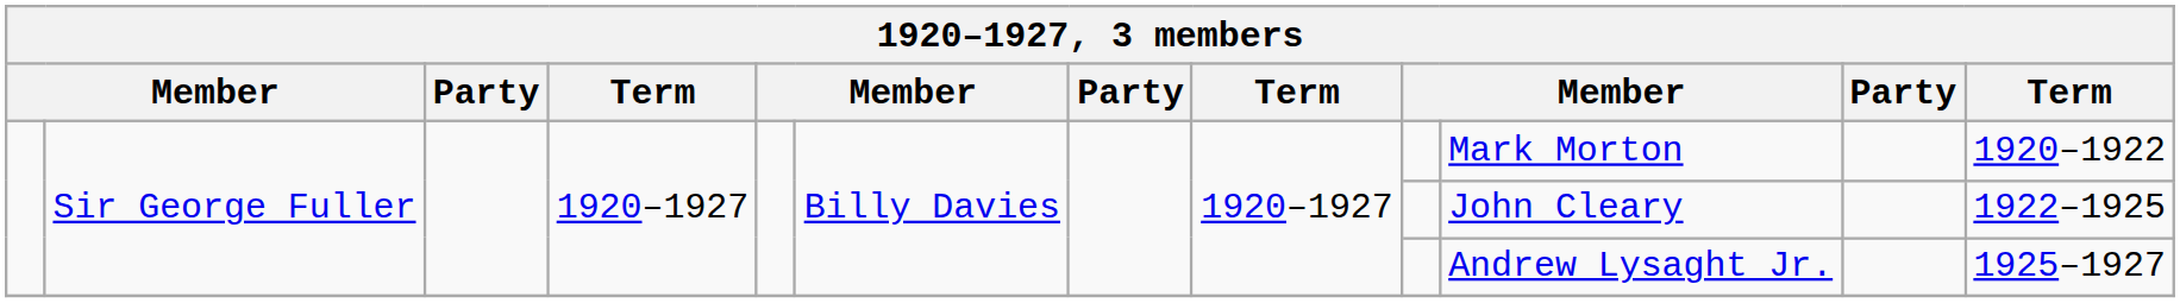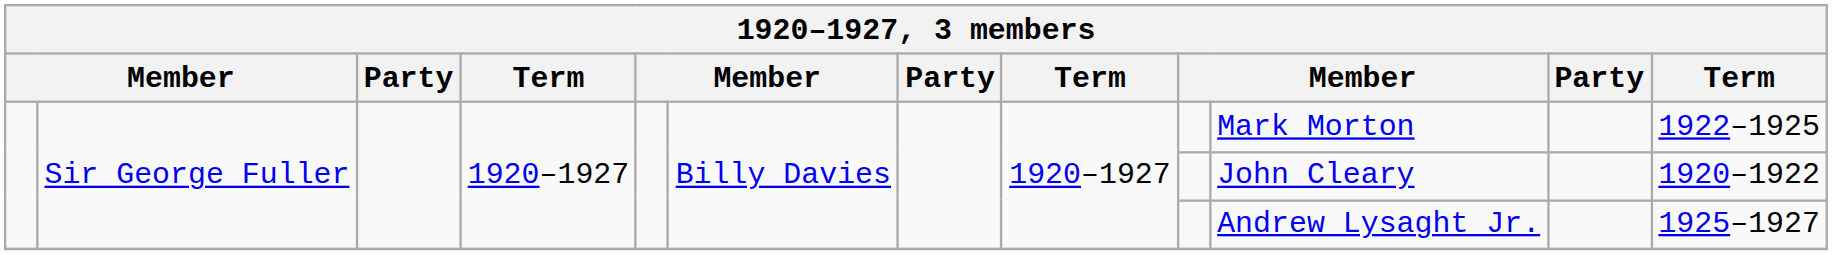 <table class="wikitable">
 <tr>
 <th colspan="12">1920–1927, 3 members</th>
 </tr>
 <tr>
 <th colspan="2">Member</th>
 <th>Party</th>
 <th>Term</th>
 <th colspan="2">Member</th>
 <th>Party</th>
 <th>Term</th>
 <th colspan="2">Member</th>
 <th>Party</th>
 <th>Term</th>
 </tr>
 <tr>
 <td rowspan="3" > </td>
 <td rowspan="3"><a href='#'>Sir George Fuller</a></td>
 <td rowspan="3"></td>
 <td rowspan="3"><a href='#'>1920</a>–1927</td>
 <td rowspan="3" > </td>
 <td rowspan="3"><a href='#'>Billy Davies</a></td>
 <td rowspan="3"></td>
 <td rowspan="3"><a href='#'>1920</a>–1927</td>
 <td> </td>
 <td><a href='#'>Mark Morton</a></td>
 <td></td>
-<td><a href='#'>1920</a>–1922</td>
+<td><a href='#'>1922</a>–1925</td>
 </tr>
 <tr>
 <td> </td>
 <td><a href='#'>John Cleary</a></td>
 <td></td>
-<td><a href='#'>1922</a>–1925</td>
+<td><a href='#'>1920</a>–1922</td>
 </tr>
 <tr>
 <td> </td>
 <td><a href='#'>Andrew Lysaght Jr.</a></td>
 <td></td>
 <td><a href='#'>1925</a>–1927</td>
 </tr>
 <tr>
 </tr>
 </table>
